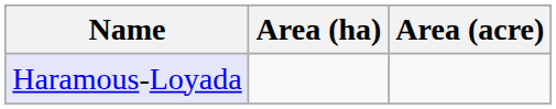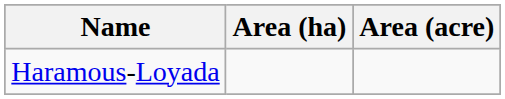 <table class="wikitable sortable">
 <tr>
 <th scope="col" align=left>Name</th>
 <th scope="col">Area (ha)</th>
 <th scope="col">Area (acre)</th>
 </tr>
 <tr ---->
-<td style="background: lavender;"><a href='#'>Haramous</a>-<a href='#'>Loyada</a></td>
+<td><a href='#'>Haramous</a>-<a href='#'>Loyada</a></td>
 <td></td>
 </tr>
 </table>
